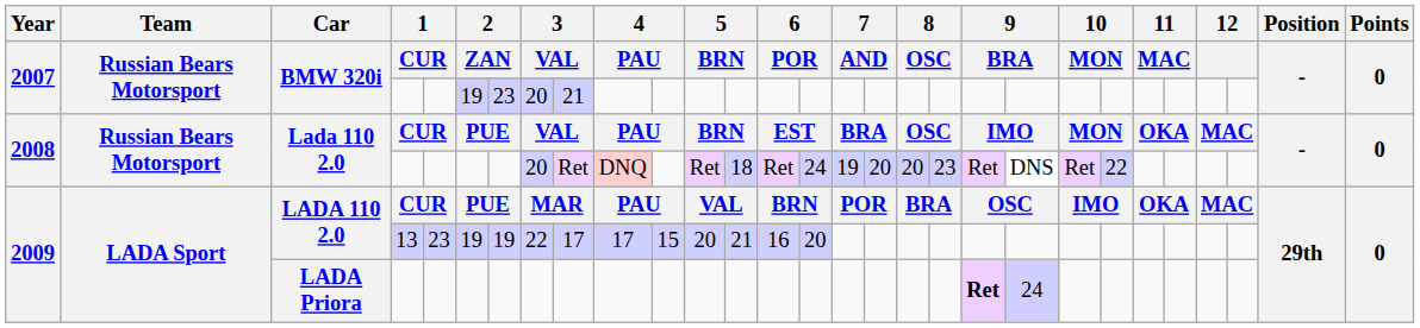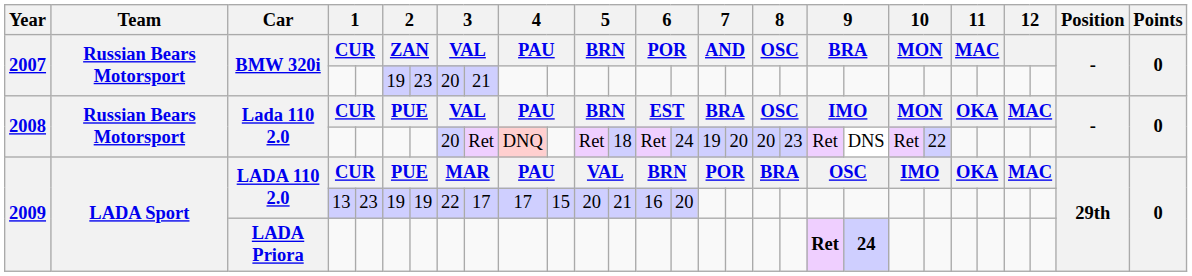 <table class="wikitable" style="text-align:center; font-size:85%">
 <tr>
 <th>Year</th>
 <th>Team</th>
 <th>Car</th>
 <th colspan=2>1</th>
 <th colspan=2>2</th>
 <th colspan=2>3</th>
 <th colspan=2>4</th>
 <th colspan=2>5</th>
 <th colspan=2>6</th>
 <th colspan=2>7</th>
 <th colspan=2>8</th>
 <th colspan=2>9</th>
 <th colspan=2>10</th>
 <th colspan=2>11</th>
 <th colspan=2>12</th>
 <th>Position</th>
 <th>Points</th>
 </tr>
 <tr>
 <th rowspan=2><a href='#'>2007</a></th>
 <th rowspan=2><a href='#'>Russian Bears Motorsport</a></th>
 <th rowspan=2><a href='#'>BMW 320i</a></th>
 <th colspan=2><a href='#'>CUR</a> </th>
 <th colspan=2><a href='#'>ZAN</a> </th>
 <th colspan=2><a href='#'>VAL</a> </th>
 <th colspan=2><a href='#'>PAU</a> </th>
 <th colspan=2><a href='#'>BRN</a> </th>
 <th colspan=2><a href='#'>POR</a> </th>
 <th colspan=2><a href='#'>AND</a> </th>
 <th colspan=2><a href='#'>OSC</a> </th>
 <th colspan=2><a href='#'>BRA</a> </th>
 <th colspan=2><a href='#'>MON</a> </th>
 <th colspan=2><a href='#'>MAC</a> </th>
 <th colspan=2></th>
 <th rowspan=2>-</th>
 <th rowspan=2>0</th>
 </tr>
 <tr>
 <td></td>
 <td></td>
 <td style="background:#cfcfff;">19</td>
 <td style="background:#cfcfff;">23</td>
 <td style="background:#cfcfff;">20</td>
 <td style="background:#cfcfff;">21</td>
 <td></td>
 <td></td>
 <td></td>
 <td></td>
 <td></td>
 <td></td>
 <td></td>
 <td></td>
 <td></td>
 <td></td>
 <td></td>
 <td></td>
 <td></td>
 <td></td>
 <td></td>
 <td></td>
 <td></td>
 <td></td>
 </tr>
 <tr>
 <th rowspan=2><a href='#'>2008</a></th>
 <th rowspan=2><a href='#'>Russian Bears Motorsport</a></th>
 <th rowspan=2><a href='#'>Lada 110 2.0</a></th>
 <th colspan=2><a href='#'>CUR</a> </th>
 <th colspan=2><a href='#'>PUE</a> </th>
 <th colspan=2><a href='#'>VAL</a> </th>
 <th colspan=2><a href='#'>PAU</a> </th>
 <th colspan=2><a href='#'>BRN</a> </th>
 <th colspan=2><a href='#'>EST</a> </th>
 <th colspan=2><a href='#'>BRA</a> </th>
 <th colspan=2><a href='#'>OSC</a> </th>
 <th colspan=2><a href='#'>IMO</a> </th>
 <th colspan=2><a href='#'>MON</a> </th>
 <th colspan=2><a href='#'>OKA</a> </th>
 <th colspan=2><a href='#'>MAC</a> </th>
 <th rowspan=2>-</th>
 <th rowspan=2>0</th>
 </tr>
 <tr>
 <td></td>
 <td></td>
 <td></td>
 <td></td>
 <td style="background:#cfcfff;">20</td>
 <td style="background:#efcfff;">Ret</td>
 <td style="background:#ffcfcf;">DNQ</td>
 <td></td>
 <td style="background:#efcfff;">Ret</td>
 <td style="background:#cfcfff;">18</td>
 <td style="background:#efcfff;">Ret</td>
 <td style="background:#cfcfff;">24</td>
 <td style="background:#cfcfff;">19</td>
 <td style="background:#cfcfff;">20</td>
 <td style="background:#cfcfff;">20</td>
 <td style="background:#cfcfff;">23</td>
 <td style="background:#efcfff;">Ret</td>
 <td style="background:#ffffff;">DNS</td>
 <td style="background:#efcfff;">Ret</td>
 <td style="background:#cfcfff;">22</td>
 <td></td>
 <td></td>
 <td></td>
 <td></td>
 </tr>
 <tr>
 <th rowspan=3><a href='#'>2009</a></th>
 <th rowspan=3><a href='#'>LADA Sport</a></th>
 <th rowspan=2><a href='#'>LADA 110 2.0</a></th>
 <th colspan=2><a href='#'>CUR</a> </th>
 <th colspan=2><a href='#'>PUE</a> </th>
 <th colspan=2><a href='#'>MAR</a> </th>
 <th colspan=2><a href='#'>PAU</a> </th>
 <th colspan=2><a href='#'>VAL</a> </th>
 <th colspan=2><a href='#'>BRN</a> </th>
 <th colspan=2><a href='#'>POR</a> </th>
 <th colspan=2><a href='#'>BRA</a> </th>
 <th colspan=2><a href='#'>OSC</a> </th>
 <th colspan=2><a href='#'>IMO</a> </th>
 <th colspan=2><a href='#'>OKA</a> </th>
 <th colspan=2><a href='#'>MAC</a> </th>
 <th rowspan=3>29th</th>
 <th rowspan=3>0</th>
 </tr>
 <tr>
 <td style="background:#cfcfff;">13</td>
 <td style="background:#cfcfff;">23</td>
 <td style="background:#cfcfff;">19</td>
 <td style="background:#cfcfff;">19</td>
 <td style="background:#cfcfff;">22</td>
 <td style="background:#cfcfff;">17</td>
 <td style="background:#cfcfff;">17</td>
 <td style="background:#cfcfff;">15</td>
 <td style="background:#cfcfff;">20</td>
 <td style="background:#cfcfff;">21</td>
 <td style="background:#cfcfff;">16</td>
 <td style="background:#cfcfff;">20</td>
 <td></td>
 <td></td>
 <td></td>
 <td></td>
 <td></td>
 <td></td>
 <td></td>
 <td></td>
 <td></td>
 <td></td>
 <td></td>
 <td></td>
 </tr>
 <tr>
 <th><a href='#'>LADA Priora</a></th>
 <td></td>
 <td></td>
 <td></td>
 <td></td>
 <td></td>
 <td></td>
 <td></td>
 <td></td>
 <td></td>
 <td></td>
 <td></td>
 <td></td>
 <td></td>
 <td></td>
 <td></td>
 <td></td>
 <td style="background:#efcfff;"><strong>Ret</strong></td>
-<td style="background:#cfcfff;">24</td>
+<td style="background:#cfcfff;"><strong>24</strong></td>
 <td></td>
 <td></td>
 <td></td>
 <td></td>
 <td></td>
 <td></td>
 </tr>
 </table>
